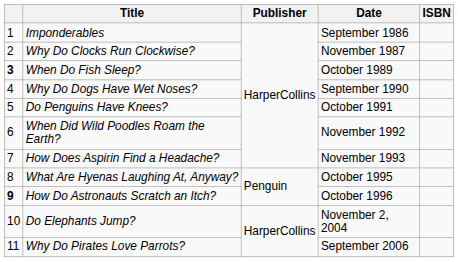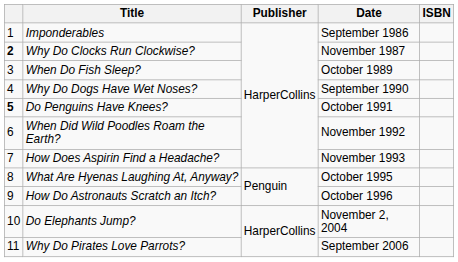 <table class="wikitable">
 <tr>
 <th></th>
 <th>Title</th>
 <th>Publisher</th>
 <th>Date</th>
 <th>ISBN</th>
 </tr>
 <tr>
 <td>1</td>
 <td><em>Imponderables</em></td>
 <td rowspan="7">HarperCollins</td>
 <td>September 1986</td>
 <td></td>
 </tr>
 <tr>
-<td>2</td>
+<td><strong>2</strong></td>
 <td><em>Why Do Clocks Run Clockwise?</em></td>
 <td>November 1987</td>
 <td></td>
 </tr>
 <tr>
-<td><strong>3</strong></td>
+<td>3</td>
 <td><em>When Do Fish Sleep?</em></td>
 <td>October 1989</td>
 <td></td>
 </tr>
 <tr>
 <td>4</td>
 <td><em>Why Do Dogs Have Wet Noses?</em></td>
 <td>September 1990</td>
 <td></td>
 </tr>
 <tr>
-<td>5</td>
+<td><strong>5</strong></td>
 <td><em>Do Penguins Have Knees?</em></td>
 <td>October 1991</td>
 <td></td>
 </tr>
 <tr>
 <td>6</td>
 <td><em>When Did Wild Poodles Roam the Earth?</em></td>
 <td>November 1992</td>
 <td></td>
 </tr>
 <tr>
 <td>7</td>
 <td><em>How Does Aspirin Find a Headache?</em></td>
 <td>November 1993</td>
 <td></td>
 </tr>
 <tr>
 <td>8</td>
 <td><em>What Are Hyenas Laughing At, Anyway?</em></td>
 <td rowspan="2">Penguin</td>
 <td>October 1995</td>
 <td></td>
 </tr>
 <tr>
-<td><strong>9</strong></td>
+<td>9</td>
 <td><em>How Do Astronauts Scratch an Itch?</em></td>
 <td>October 1996</td>
 <td></td>
 </tr>
 <tr>
 <td>10</td>
 <td><em>Do Elephants Jump?</em></td>
 <td rowspan="2">HarperCollins</td>
 <td>November 2, 2004</td>
 <td></td>
 </tr>
 <tr>
 <td>11</td>
 <td><em>Why Do Pirates Love Parrots?</em></td>
 <td>September 2006</td>
 <td></td>
 </tr>
 </table>
